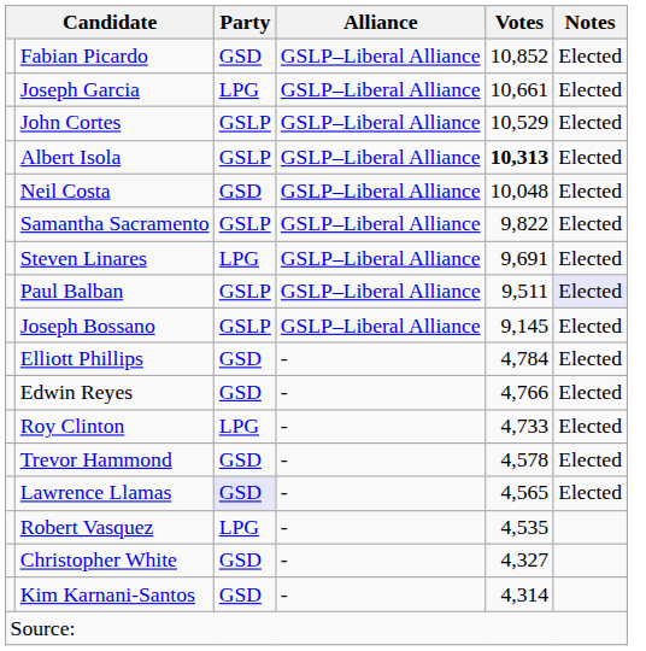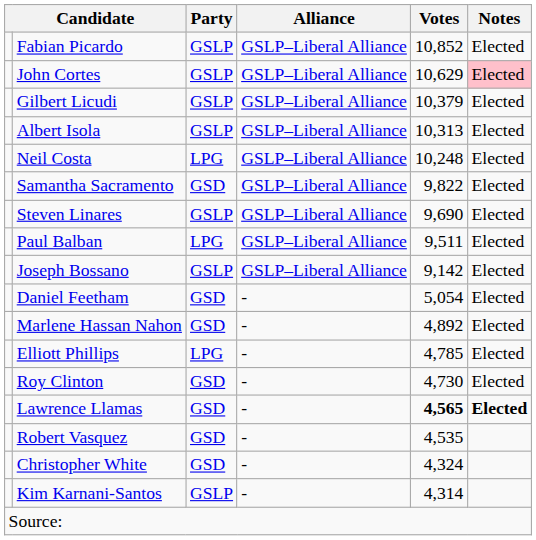 <table class=wikitable>
 <tr>
 <th colspan=2>Candidate</th>
 <th>Party</th>
 <th>Alliance</th>
 <th>Votes</th>
 <th>Notes</th>
 </tr>
 <tr>
 <td style="background-color: "></td>
 <td><a href='#'>Fabian Picardo</a></td>
-<td><a href='#'>GSD</a></td>
+<td><a href='#'>GSLP</a></td>
 <td><a href='#'>GSLP–Liberal Alliance</a></td>
 <td align=right>10,852</td>
-<td>Elected</td>
-</tr>
-<tr>
-<td style="background-color: "></td>
-<td><a href='#'>Joseph Garcia</a></td>
-<td><a href='#'>LPG</a></td>
-<td><a href='#'>GSLP–Liberal Alliance</a></td>
-<td align=right>10,661</td>
 <td>Elected</td>
 </tr>
 <tr>
 <td style="background-color: "></td>
 <td><a href='#'>John Cortes</a></td>
 <td><a href='#'>GSLP</a></td>
 <td><a href='#'>GSLP–Liberal Alliance</a></td>
-<td align=right>10,529</td>
+<td align=right>10,629</td>
+<td style="background: pink;">Elected</td>
+</tr>
+<tr>
+<td style="background-color: "></td>
+<td><a href='#'>Gilbert Licudi</a></td>
+<td><a href='#'>GSLP</a></td>
+<td><a href='#'>GSLP–Liberal Alliance</a></td>
+<td align=right>10,379</td>
 <td>Elected</td>
 </tr>
 <tr>
 <td style="background-color: "></td>
 <td><a href='#'>Albert Isola</a></td>
 <td><a href='#'>GSLP</a></td>
 <td><a href='#'>GSLP–Liberal Alliance</a></td>
-<td align=right><strong>10,313</strong></td>
+<td align=right>10,313</td>
 <td>Elected</td>
 </tr>
 <tr>
 <td style="background-color: "></td>
 <td><a href='#'>Neil Costa</a></td>
-<td><a href='#'>GSD</a></td>
+<td><a href='#'>LPG</a></td>
 <td><a href='#'>GSLP–Liberal Alliance</a></td>
-<td align=right>10,048</td>
+<td align=right>10,248</td>
 <td>Elected</td>
 </tr>
 <tr>
 <td style="background-color: "></td>
 <td><a href='#'>Samantha Sacramento</a></td>
-<td><a href='#'>GSLP</a></td>
+<td><a href='#'>GSD</a></td>
 <td><a href='#'>GSLP–Liberal Alliance</a></td>
 <td align=right>9,822</td>
 <td>Elected</td>
 </tr>
 <tr>
 <td style="background-color: "></td>
 <td><a href='#'>Steven Linares</a></td>
-<td><a href='#'>LPG</a></td>
+<td><a href='#'>GSLP</a></td>
 <td><a href='#'>GSLP–Liberal Alliance</a></td>
-<td align=right>9,691</td>
+<td align=right>9,690</td>
 <td>Elected</td>
 </tr>
 <tr>
 <td style="background-color: "></td>
 <td><a href='#'>Paul Balban</a></td>
-<td><a href='#'>GSLP</a></td>
+<td><a href='#'>LPG</a></td>
 <td><a href='#'>GSLP–Liberal Alliance</a></td>
 <td align=right>9,511</td>
-<td style="background: lavender;">Elected</td>
+<td>Elected</td>
 </tr>
 <tr>
 <td style="background-color: "></td>
 <td><a href='#'>Joseph Bossano</a></td>
 <td><a href='#'>GSLP</a></td>
 <td><a href='#'>GSLP–Liberal Alliance</a></td>
-<td align=right>9,145</td>
+<td align=right>9,142</td>
+<td>Elected</td>
+</tr>
+<tr>
+<td style="background-color: "></td>
+<td><a href='#'>Daniel Feetham</a></td>
+<td><a href='#'>GSD</a></td>
+<td>-</td>
+<td align=right>5,054</td>
+<td>Elected</td>
+</tr>
+<tr>
+<td style="background-color: "></td>
+<td><a href='#'>Marlene Hassan Nahon</a></td>
+<td><a href='#'>GSD</a></td>
+<td>-</td>
+<td align=right>4,892</td>
 <td>Elected</td>
 </tr>
 <tr>
 <td style="background-color: "></td>
 <td><a href='#'>Elliott Phillips</a></td>
-<td><a href='#'>GSD</a></td>
+<td><a href='#'>LPG</a></td>
 <td>-</td>
-<td align=right>4,784</td>
-<td>Elected</td>
-</tr>
-<tr>
-<td style="background-color: "></td>
-<td>Edwin Reyes</td>
-<td><a href='#'>GSD</a></td>
-<td>-</td>
-<td align=right>4,766</td>
+<td align=right>4,785</td>
 <td>Elected</td>
 </tr>
 <tr>
 <td style="background-color: "></td>
 <td><a href='#'>Roy Clinton</a></td>
-<td><a href='#'>LPG</a></td>
-<td>-</td>
-<td align=right>4,733</td>
-<td>Elected</td>
-</tr>
-<tr>
-<td style="background-color: "></td>
-<td><a href='#'>Trevor Hammond</a></td>
 <td><a href='#'>GSD</a></td>
 <td>-</td>
-<td align=right>4,578</td>
+<td align=right>4,730</td>
 <td>Elected</td>
 </tr>
 <tr>
 <td style="background-color: "></td>
 <td><a href='#'>Lawrence Llamas</a></td>
-<td style="background: lavender;"><a href='#'>GSD</a></td>
+<td><a href='#'>GSD</a></td>
 <td>-</td>
-<td align=right>4,565</td>
-<td>Elected</td>
+<td align=right><strong>4,565</strong></td>
+<td><strong>Elected</strong></td>
 </tr>
 <tr>
 <td style="background-color: "></td>
 <td><a href='#'>Robert Vasquez</a></td>
-<td><a href='#'>LPG</a></td>
+<td><a href='#'>GSD</a></td>
 <td>-</td>
 <td align=right>4,535</td>
 <td></td>
 </tr>
 <tr>
 <td style="background-color: "></td>
 <td><a href='#'>Christopher White</a></td>
 <td><a href='#'>GSD</a></td>
 <td>-</td>
-<td align=right>4,327</td>
+<td align=right>4,324</td>
 <td></td>
 </tr>
 <tr>
 <td style="background-color: "></td>
 <td><a href='#'>Kim Karnani-Santos</a></td>
-<td><a href='#'>GSD</a></td>
+<td><a href='#'>GSLP</a></td>
 <td>-</td>
 <td align=right>4,314</td>
 <td></td>
 </tr>
 <tr>
 <td colspan=6>Source: </td>
 </tr>
 </table>
